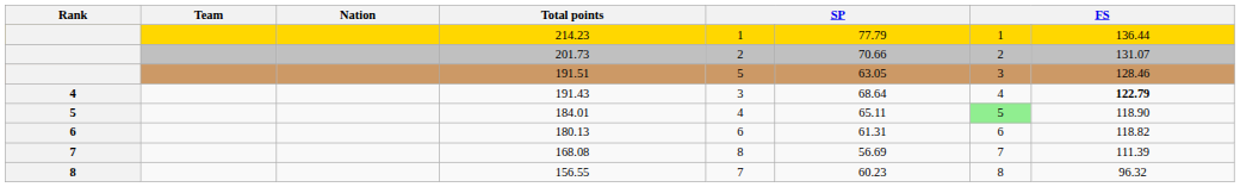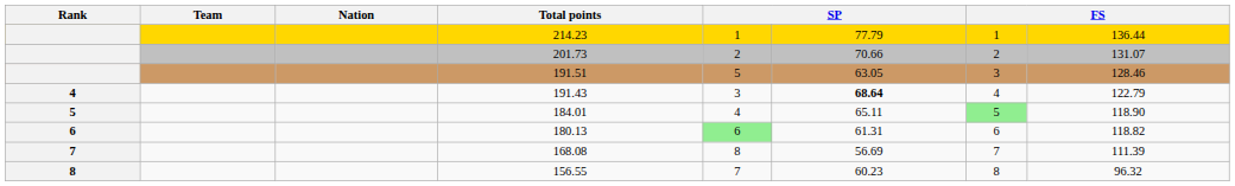 <table class="wikitable sortable" style="text-align:center;" width="80%">
 <tr>
 <th scope="col">Rank</th>
 <th scope="col">Team</th>
 <th scope="col">Nation</th>
 <th scope="col">Total points</th>
 <th scope="col" colspan="2" width="80px"><a href='#'>SP</a></th>
 <th scope="col" colspan="2" width="80px"><a href='#'>FS</a></th>
 </tr>
 <tr bgcolor="gold">
 <th scope="row"></th>
 <td align="left"></td>
 <td align="left"></td>
 <td>214.23</td>
 <td>1</td>
 <td>77.79</td>
 <td>1</td>
 <td>136.44</td>
 </tr>
 <tr bgcolor="silver">
 <th scope="row"></th>
 <td align="left"></td>
 <td align="left"></td>
 <td>201.73</td>
 <td>2</td>
 <td>70.66</td>
 <td>2</td>
 <td>131.07</td>
 </tr>
 <tr bgcolor="cc9966">
 <th scope="row"></th>
 <td align="left"></td>
 <td align="left"></td>
 <td>191.51</td>
 <td>5</td>
 <td>63.05</td>
 <td>3</td>
 <td>128.46</td>
 </tr>
 <tr>
 <th scope="row">4</th>
 <td align="left"></td>
 <td align="left"></td>
 <td>191.43</td>
 <td>3</td>
-<td>68.64</td>
+<td><strong>68.64</strong></td>
 <td>4</td>
-<td><strong>122.79</strong></td>
+<td>122.79</td>
 </tr>
 <tr>
 <th scope="row">5</th>
 <td align="left"></td>
 <td align="left"></td>
 <td>184.01</td>
 <td>4</td>
 <td>65.11</td>
 <td style="background: lightgreen;">5</td>
 <td>118.90</td>
 </tr>
 <tr>
 <th scope="row">6</th>
 <td align="left"></td>
 <td align="left"></td>
 <td>180.13</td>
-<td>6</td>
+<td style="background: lightgreen;">6</td>
 <td>61.31</td>
 <td>6</td>
 <td>118.82</td>
 </tr>
 <tr>
 <th scope="row">7</th>
 <td align="left"></td>
 <td align="left"></td>
 <td>168.08</td>
 <td>8</td>
 <td>56.69</td>
 <td>7</td>
 <td>111.39</td>
 </tr>
 <tr>
 <th scope="row">8</th>
 <td align="left"></td>
 <td align="left"></td>
 <td>156.55</td>
 <td>7</td>
 <td>60.23</td>
 <td>8</td>
 <td>96.32</td>
 </tr>
 </table>
